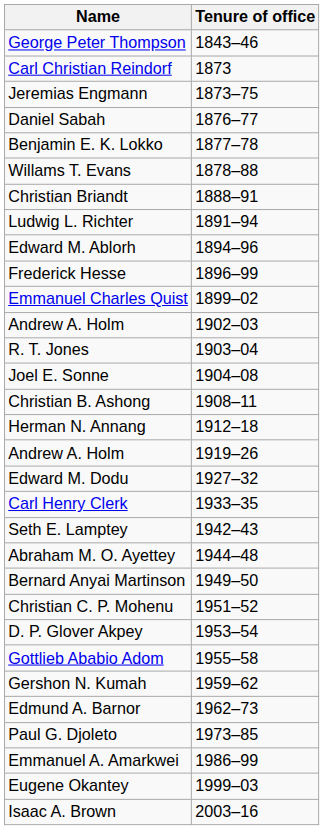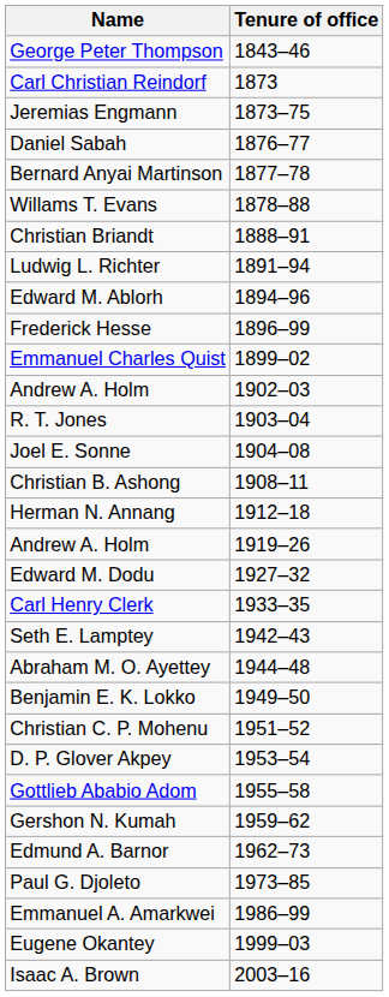 <table class="wikitable">
 <tr>
 <th>Name</th>
 <th>Tenure of office</th>
 </tr>
 <tr>
 <td><a href='#'>George Peter Thompson</a></td>
 <td>1843–46</td>
 </tr>
 <tr>
 <td><a href='#'>Carl Christian Reindorf</a></td>
 <td>1873</td>
 </tr>
 <tr>
 <td>Jeremias Engmann</td>
 <td>1873–75</td>
 </tr>
 <tr>
 <td>Daniel Sabah</td>
 <td>1876–77</td>
 </tr>
 <tr>
-<td>Benjamin E. K. Lokko</td>
+<td>Bernard Anyai Martinson</td>
 <td>1877–78</td>
 </tr>
 <tr>
 <td>Willams T. Evans</td>
 <td>1878–88</td>
 </tr>
 <tr>
 <td>Christian Briandt</td>
 <td>1888–91</td>
 </tr>
 <tr>
 <td>Ludwig L. Richter</td>
 <td>1891–94</td>
 </tr>
 <tr>
 <td>Edward M. Ablorh</td>
 <td>1894–96</td>
 </tr>
 <tr>
 <td>Frederick Hesse</td>
 <td>1896–99</td>
 </tr>
 <tr>
 <td><a href='#'>Emmanuel Charles Quist</a></td>
 <td>1899–02</td>
 </tr>
 <tr>
 <td>Andrew A. Holm</td>
 <td>1902–03</td>
 </tr>
 <tr>
 <td>R. T. Jones</td>
 <td>1903–04</td>
 </tr>
 <tr>
 <td>Joel E. Sonne</td>
 <td>1904–08</td>
 </tr>
 <tr>
 <td>Christian B. Ashong</td>
 <td>1908–11</td>
 </tr>
 <tr>
 <td>Herman N. Annang</td>
 <td>1912–18</td>
 </tr>
 <tr>
 <td>Andrew A. Holm</td>
 <td>1919–26</td>
 </tr>
 <tr>
 <td>Edward M. Dodu</td>
 <td>1927–32</td>
 </tr>
 <tr>
 <td><a href='#'>Carl Henry Clerk</a></td>
 <td>1933–35</td>
 </tr>
 <tr>
 <td>Seth E. Lamptey</td>
 <td>1942–43</td>
 </tr>
 <tr>
 <td>Abraham M. O. Ayettey</td>
 <td>1944–48</td>
 </tr>
 <tr>
-<td>Bernard Anyai Martinson</td>
+<td>Benjamin E. K. Lokko</td>
 <td>1949–50</td>
 </tr>
 <tr>
 <td>Christian C. P. Mohenu</td>
 <td>1951–52</td>
 </tr>
 <tr>
 <td>D. P. Glover Akpey</td>
 <td>1953–54</td>
 </tr>
 <tr>
 <td><a href='#'>Gottlieb Ababio Adom</a></td>
 <td>1955–58</td>
 </tr>
 <tr>
 <td>Gershon N. Kumah</td>
 <td>1959–62</td>
 </tr>
 <tr>
 <td>Edmund A. Barnor</td>
 <td>1962–73</td>
 </tr>
 <tr>
 <td>Paul G. Djoleto</td>
 <td>1973–85</td>
 </tr>
 <tr>
 <td>Emmanuel A. Amarkwei</td>
 <td>1986–99</td>
 </tr>
 <tr>
 <td>Eugene Okantey</td>
 <td>1999–03</td>
 </tr>
 <tr>
 <td>Isaac A. Brown</td>
 <td>2003–16</td>
 </tr>
 </table>
